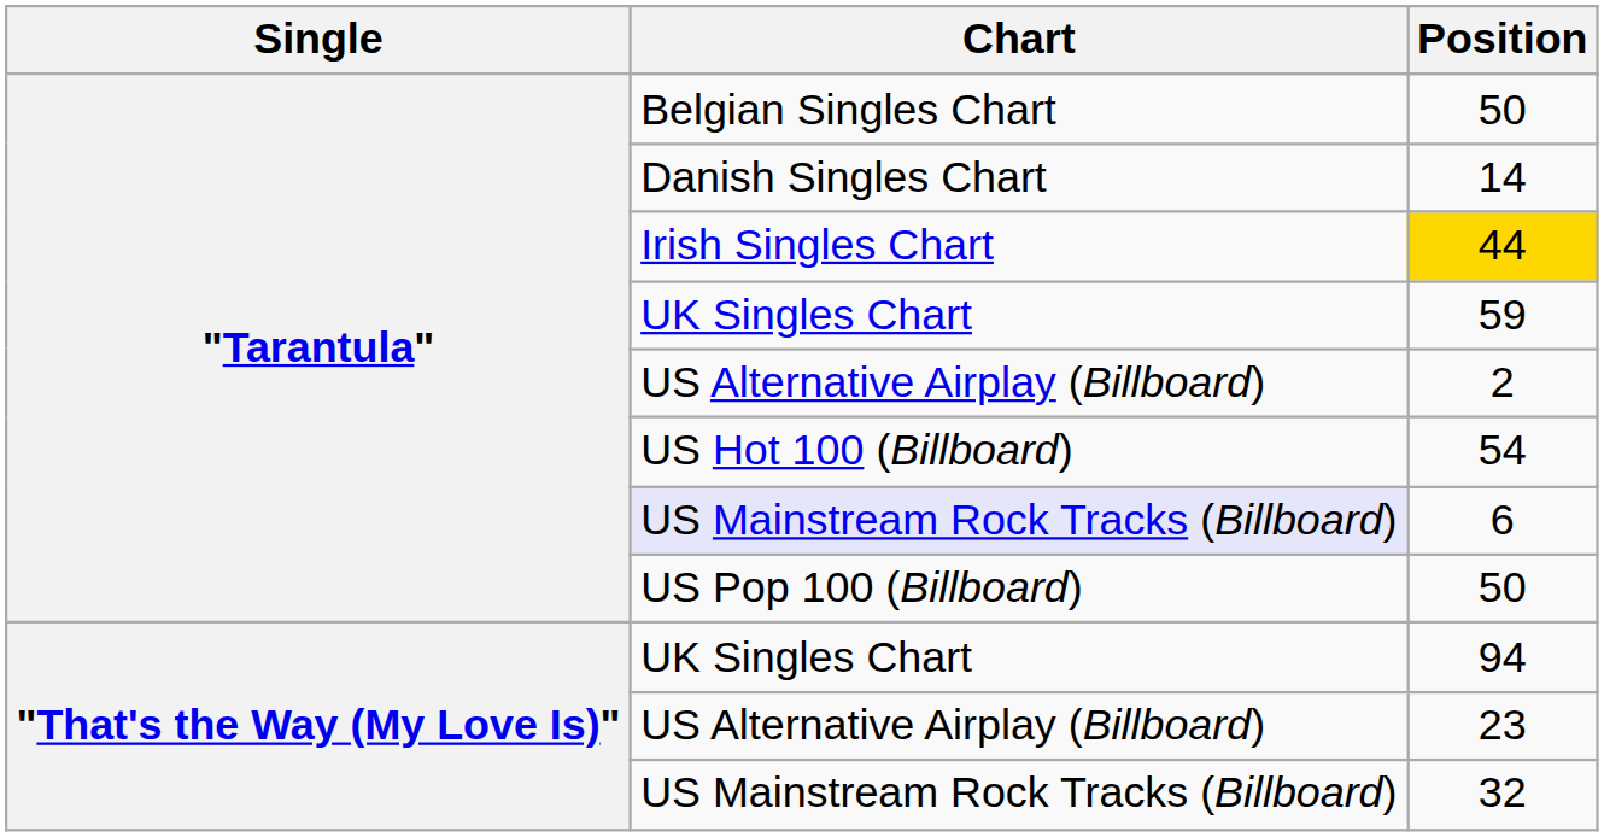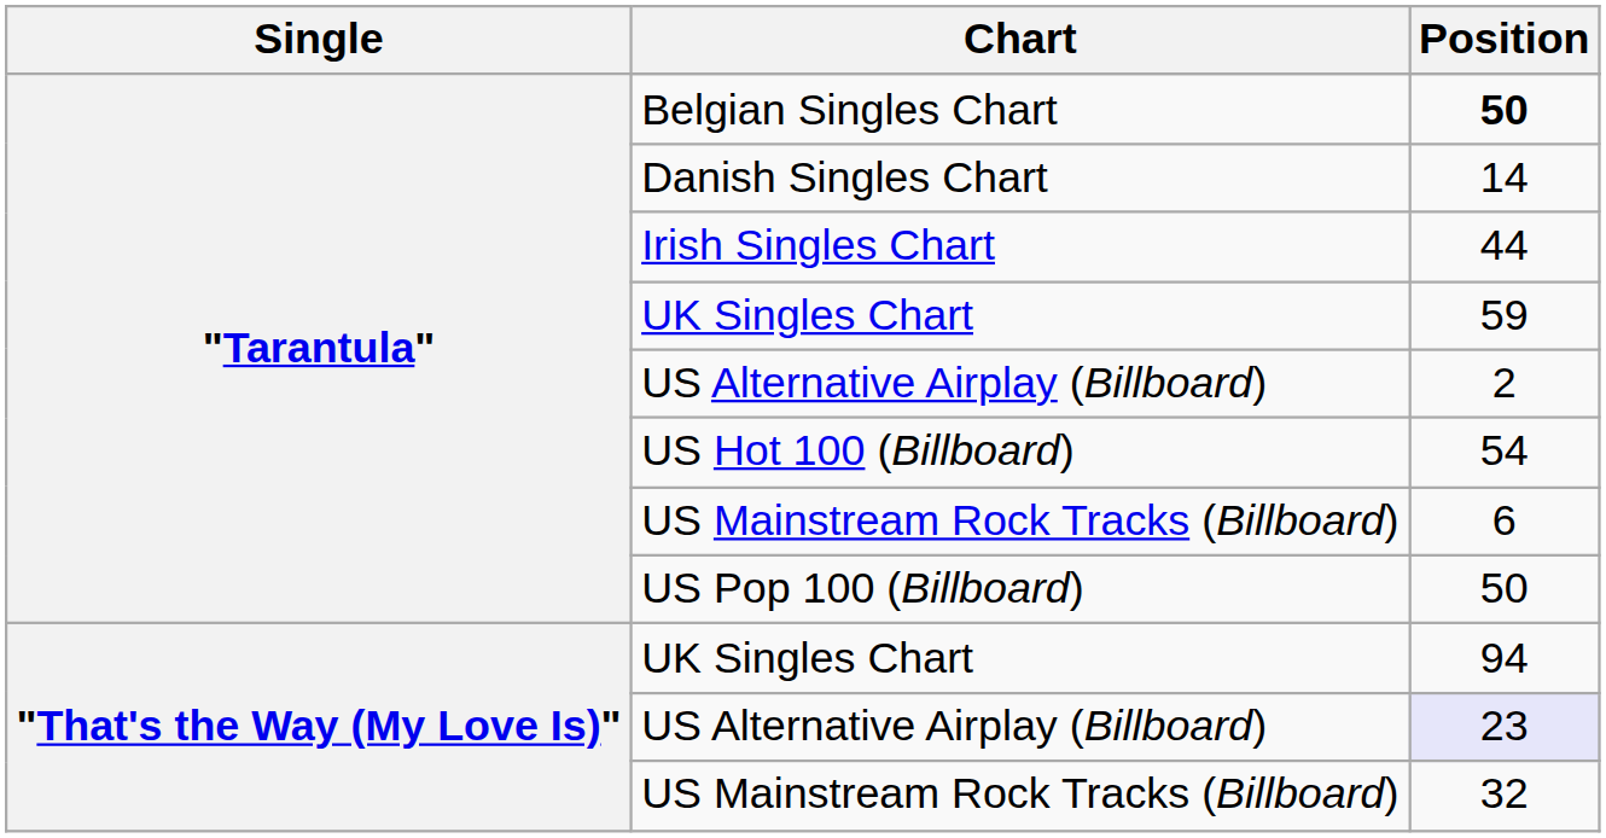 <table class="wikitable plainrowheaders">
 <tr>
 <th scope="col">Single</th>
 <th scope="col">Chart</th>
 <th scope="col">Position</th>
 </tr>
 <tr>
 <th scope="row" rowspan="9">"<a href='#'>Tarantula</a>"</th>
 </tr>
 <tr>
 <td>Belgian Singles Chart</td>
-<td align="center">50</td>
+<td align="center"><strong>50</strong></td>
 </tr>
 <tr>
 <td>Danish Singles Chart</td>
 <td style="text-align:center;">14</td>
 </tr>
 <tr>
 <td><a href='#'>Irish Singles Chart</a></td>
-<td style="background: gold; text-align:center;">44</td>
+<td style="text-align:center;">44</td>
 </tr>
 <tr>
 <td><a href='#'>UK Singles Chart</a></td>
 <td style="text-align:center;">59</td>
 </tr>
 <tr>
 <td>US <a href='#'>Alternative Airplay</a> (<em>Billboard</em>)</td>
 <td style="text-align:center;">2</td>
 </tr>
 <tr>
 <td>US <a href='#'>Hot 100</a> (<em>Billboard</em>)</td>
 <td style="text-align:center;">54</td>
 </tr>
 <tr>
-<td style="background: lavender;">US <a href='#'>Mainstream Rock Tracks</a> (<em>Billboard</em>)</td>
+<td>US <a href='#'>Mainstream Rock Tracks</a> (<em>Billboard</em>)</td>
 <td style="text-align:center;">6</td>
 </tr>
 <tr>
 <td>US Pop 100 (<em>Billboard</em>)</td>
 <td style="text-align:center;">50</td>
 </tr>
 <tr>
 <th scope="row" rowspan="3">"<a href='#'>That's the Way (My Love Is)</a>"</th>
 <td>UK Singles Chart</td>
 <td style="text-align:center;">94</td>
 </tr>
 <tr>
 <td>US Alternative Airplay (<em>Billboard</em>)</td>
-<td style="text-align:center;">23</td>
+<td style="background: lavender; text-align:center;">23</td>
 </tr>
 <tr>
 <td>US Mainstream Rock Tracks (<em>Billboard</em>)</td>
 <td style="text-align:center;">32</td>
 </tr>
 </table>
